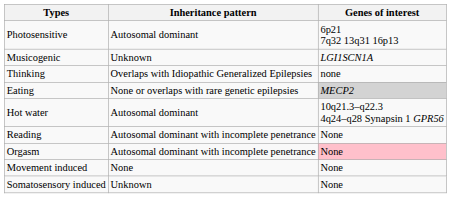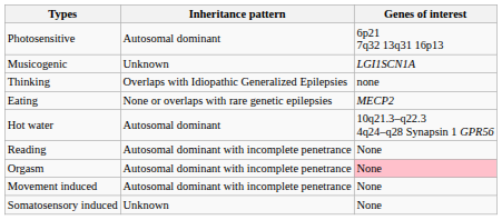 <table class="wikitable">
 <tr>
 <th>Types</th>
 <th>Inheritance pattern</th>
 <th>Genes of interest</th>
 </tr>
 <tr>
 <td>Photosensitive</td>
 <td>Autosomal dominant</td>
 <td>6p21<br>7q32 13q31 16p13</td>
 </tr>
 <tr>
 <td>Musicogenic</td>
 <td>Unknown</td>
 <td><em>LGI1SCN1A</em></td>
 </tr>
 <tr>
 <td>Thinking</td>
 <td>Overlaps with Idiopathic Generalized Epilepsies</td>
 <td>none</td>
 </tr>
 <tr>
 <td>Eating</td>
 <td>None or overlaps with rare genetic epilepsies</td>
-<td style="background: lightgrey;"><em>MECP2</em></td>
+<td><em>MECP2</em></td>
 </tr>
 <tr>
 <td>Hot water</td>
 <td>Autosomal dominant</td>
 <td>10q21.3–q22.3<br>4q24–q28 Synapsin 1 <em>GPR56</em></td>
 </tr>
 <tr>
 <td>Reading</td>
 <td>Autosomal dominant with incomplete penetrance</td>
 <td>None</td>
 </tr>
 <tr>
 <td>Orgasm</td>
 <td>Autosomal dominant with incomplete penetrance</td>
 <td style="background: pink;">None</td>
 </tr>
 <tr>
 <td>Movement induced</td>
-<td>None</td>
+<td>Autosomal dominant with incomplete penetrance</td>
 <td>None</td>
 </tr>
 <tr>
 <td>Somatosensory induced</td>
 <td>Unknown</td>
 <td>None</td>
 </tr>
 </table>
